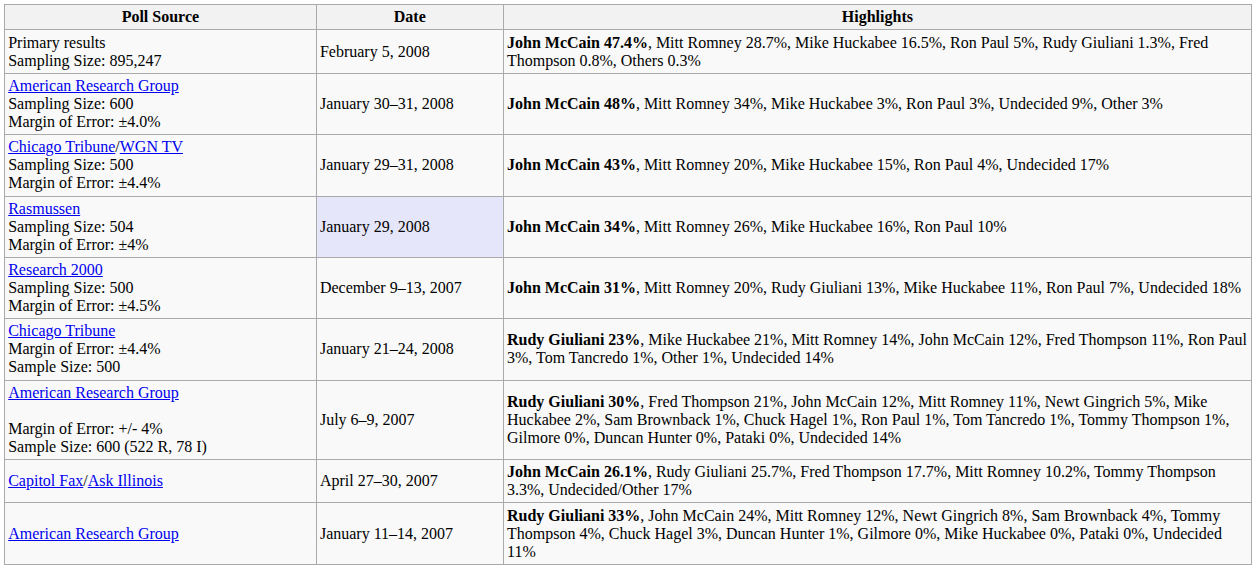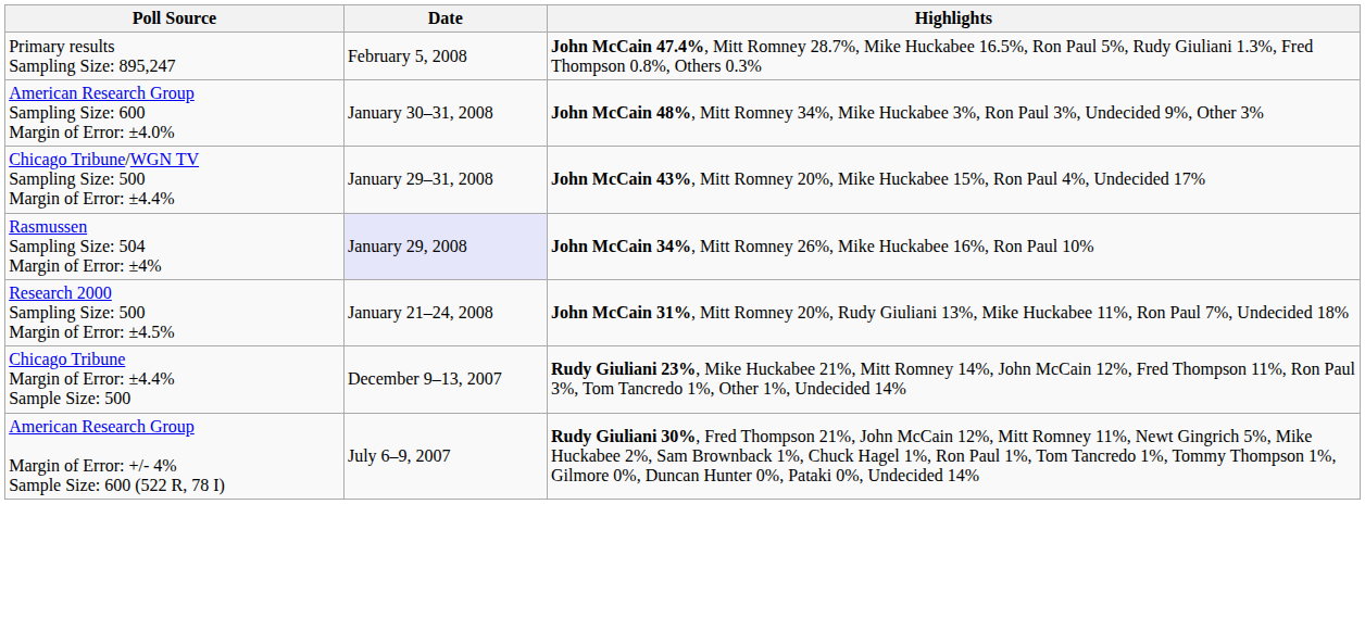 <table class="wikitable sortable">
 <tr>
 <th width="25%">Poll Source</th>
 <th width="15%">Date</th>
 <th width="60%">Highlights</th>
 </tr>
 <tr>
 <td>Primary results<br>Sampling Size: 895,247<br></td>
 <td>February 5, 2008</td>
 <td><strong>John McCain 47.4%</strong>, Mitt Romney 28.7%, Mike Huckabee 16.5%, Ron Paul 5%, Rudy Giuliani 1.3%, Fred Thompson 0.8%, Others 0.3%</td>
 </tr>
 <tr>
 <td><a href='#'>American Research Group </a><br>Sampling Size: 600<br> Margin of Error: ±4.0%</td>
 <td>January 30–31, 2008</td>
 <td><strong>John McCain 48%</strong>, Mitt Romney 34%, Mike Huckabee 3%, Ron Paul 3%, Undecided 9%, Other 3%</td>
 </tr>
 <tr>
 <td><a href='#'>Chicago Tribune</a>/<a href='#'>WGN TV</a><br>Sampling Size: 500<br> Margin of Error: ±4.4%</td>
 <td>January 29–31, 2008</td>
 <td><strong>John McCain 43%</strong>, Mitt Romney 20%, Mike Huckabee 15%, Ron Paul 4%, Undecided 17%</td>
 </tr>
 <tr>
 <td><a href='#'>Rasmussen</a><br>Sampling Size: 504<br> Margin of Error: ±4%</td>
 <td style="background: lavender;">January 29, 2008</td>
 <td><strong>John McCain 34%</strong>, Mitt Romney 26%, Mike Huckabee 16%, Ron Paul 10%</td>
 </tr>
 <tr>
 <td><a href='#'>Research 2000</a><br>Sampling Size: 500<br> Margin of Error: ±4.5%</td>
-<td>December 9–13, 2007</td>
+<td>January 21–24, 2008</td>
 <td><strong>John McCain 31%</strong>, Mitt Romney 20%, Rudy Giuliani 13%, Mike Huckabee 11%, Ron Paul 7%, Undecided 18%</td>
 </tr>
 <tr>
 <td><a href='#'>Chicago Tribune</a><br>Margin of Error: ±4.4%<br> Sample Size: 500</td>
-<td>January 21–24, 2008</td>
+<td>December 9–13, 2007</td>
 <td><strong>Rudy Giuliani 23%</strong>, Mike Huckabee 21%, Mitt Romney 14%, John McCain 12%, Fred Thompson 11%, Ron Paul 3%, Tom Tancredo 1%, Other 1%, Undecided 14%</td>
 </tr>
 <tr>
 <td><a href='#'>American Research Group</a><br><br>Margin of Error: +/- 4%<br> Sample Size: 600 (522 R, 78 I)</td>
 <td>July 6–9, 2007</td>
 <td><strong>Rudy Giuliani 30%</strong>, Fred Thompson 21%, John McCain 12%, Mitt Romney 11%, Newt Gingrich 5%, Mike Huckabee 2%, Sam Brownback 1%, Chuck Hagel 1%, Ron Paul 1%, Tom Tancredo 1%, Tommy Thompson 1%, Gilmore 0%, Duncan Hunter 0%, Pataki 0%, Undecided 14%</td>
 </tr>
-<tr>
-<td><a href='#'>Capitol Fax</a>/<a href='#'>Ask Illinois</a></td>
-<td>April 27–30, 2007</td>
-<td><strong>John McCain 26.1%</strong>, Rudy Giuliani 25.7%, Fred Thompson 17.7%, Mitt Romney 10.2%, Tommy Thompson 3.3%, Undecided/Other 17%</td>
-</tr>
-<tr>
-<td><a href='#'>American Research Group</a></td>
-<td>January 11–14, 2007</td>
-<td><strong>Rudy Giuliani 33%</strong>, John McCain 24%, Mitt Romney 12%, Newt Gingrich 8%, Sam Brownback 4%, Tommy Thompson 4%, Chuck Hagel 3%, Duncan Hunter 1%, Gilmore 0%, Mike Huckabee 0%, Pataki 0%, Undecided 11%</td>
-</tr>
 </table>
